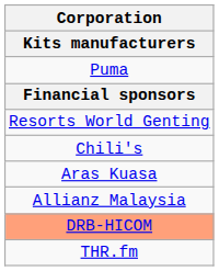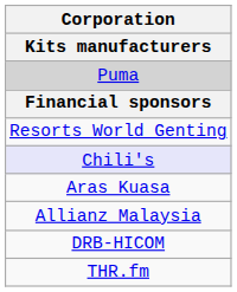 <table class="wikitable" style="text-align: center">
 <tr>
 <th>Corporation</th>
 </tr>
 <tr>
 <th colspan=2>Kits manufacturers</th>
 </tr>
 <tr>
-<td><a href='#'>Puma</a></td>
+<td style="background: lightgrey;"><a href='#'>Puma</a></td>
 </tr>
 <tr>
 <th colspan=2>Financial sponsors</th>
 </tr>
 <tr>
 <td><a href='#'>Resorts World Genting</a></td>
 </tr>
 <tr>
-<td><a href='#'>Chili's</a></td>
+<td style="background: lavender;"><a href='#'>Chili's</a></td>
 </tr>
 <tr>
 <td><a href='#'>Aras Kuasa</a></td>
 </tr>
 <tr>
 <td><a href='#'> Allianz Malaysia</a></td>
 </tr>
 <tr>
-<td style="background: lightsalmon;"><a href='#'>DRB-HICOM</a></td>
+<td><a href='#'>DRB-HICOM</a></td>
 </tr>
 <tr>
 <td><a href='#'>THR.fm</a></td>
 </tr>
 </table>
